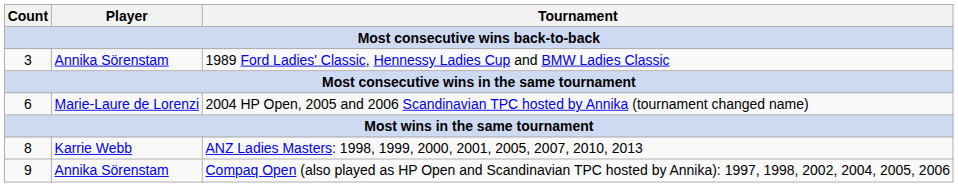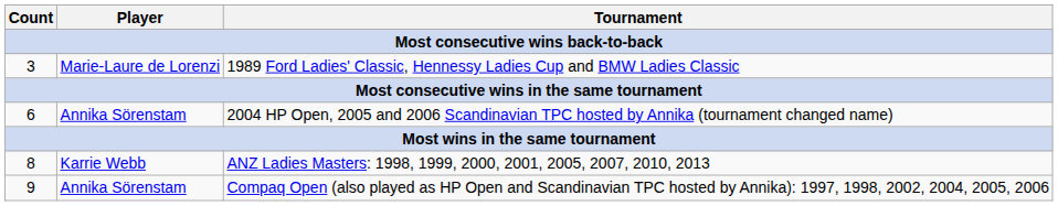 <table class=wikitable style="font-size:95%">
 <tr>
 <th>Count</th>
 <th>Player</th>
 <th>Tournament</th>
 </tr>
 <tr>
 <th Colspan=3 style="background:#cedaf2;">Most consecutive wins back-to-back</th>
 </tr>
 <tr>
 <td align=center>3</td>
-<td> <a href='#'>Annika Sörenstam</a></td>
+<td> <a href='#'>Marie-Laure de Lorenzi</a></td>
 <td>1989 <a href='#'>Ford Ladies' Classic</a>, <a href='#'>Hennessy Ladies Cup</a> and <a href='#'>BMW Ladies Classic</a></td>
 </tr>
 <tr>
 <th Colspan=3 style="background:#cedaf2;">Most consecutive wins in the same tournament</th>
 </tr>
 <tr>
 <td align=center>6</td>
-<td> <a href='#'>Marie-Laure de Lorenzi</a></td>
+<td> <a href='#'>Annika Sörenstam</a></td>
 <td>2004 HP Open, 2005 and 2006 <a href='#'>Scandinavian TPC hosted by Annika</a> (tournament changed name)</td>
 </tr>
 <tr>
 <th Colspan=3 style="background:#cedaf2;">Most wins in the same tournament</th>
 </tr>
 <tr>
 <td align=center>8</td>
 <td> <a href='#'>Karrie Webb</a></td>
 <td><a href='#'>ANZ Ladies Masters</a>: 1998, 1999, 2000, 2001, 2005, 2007, 2010, 2013</td>
 </tr>
 <tr>
 <td align=center>9</td>
 <td> <a href='#'>Annika Sörenstam</a></td>
 <td><a href='#'>Compaq Open</a> (also played as HP Open and Scandinavian TPC hosted by Annika): 1997, 1998, 2002, 2004, 2005, 2006</td>
 </tr>
 </table>
